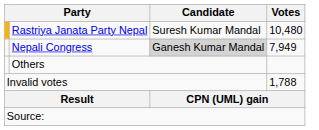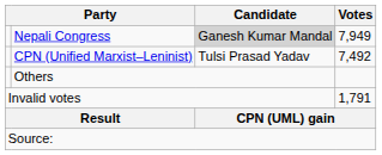 <table class="wikitable">
 <tr>
 <th colspan="2">Party</th>
 <th>Candidate</th>
 <th>Votes</th>
-</tr>
-<tr>
-<td style="background-color:#ffb300"></td>
-<td><a href='#'>Rastriya Janata Party Nepal</a></td>
-<td>Suresh Kumar Mandal</td>
-<td>10,480</td>
 </tr>
 <tr>
 <td style="background-color:"></td>
 <td><a href='#'>Nepali Congress</a></td>
 <td style="background: lightgrey;">Ganesh Kumar Mandal</td>
 <td>7,949</td>
 </tr>
 <tr>
+<td style="background-color:"></td>
+<td><a href='#'>CPN (Unified Marxist–Leninist)</a></td>
+<td>Tulsi Prasad Yadav</td>
+<td>7,492</td>
+</tr>
+<tr>
 <td></td>
 <td colspan="2">Others</td>
 <td></td>
 </tr>
 <tr>
 <td colspan="3">Invalid votes</td>
-<td>1,788</td>
+<td>1,791</td>
 </tr>
 <tr>
 <th colspan="2">Result</th>
 <th colspan="2">CPN (UML) gain</th>
 </tr>
 <tr>
 <td colspan="4">Source: </td>
 </tr>
 </table>
